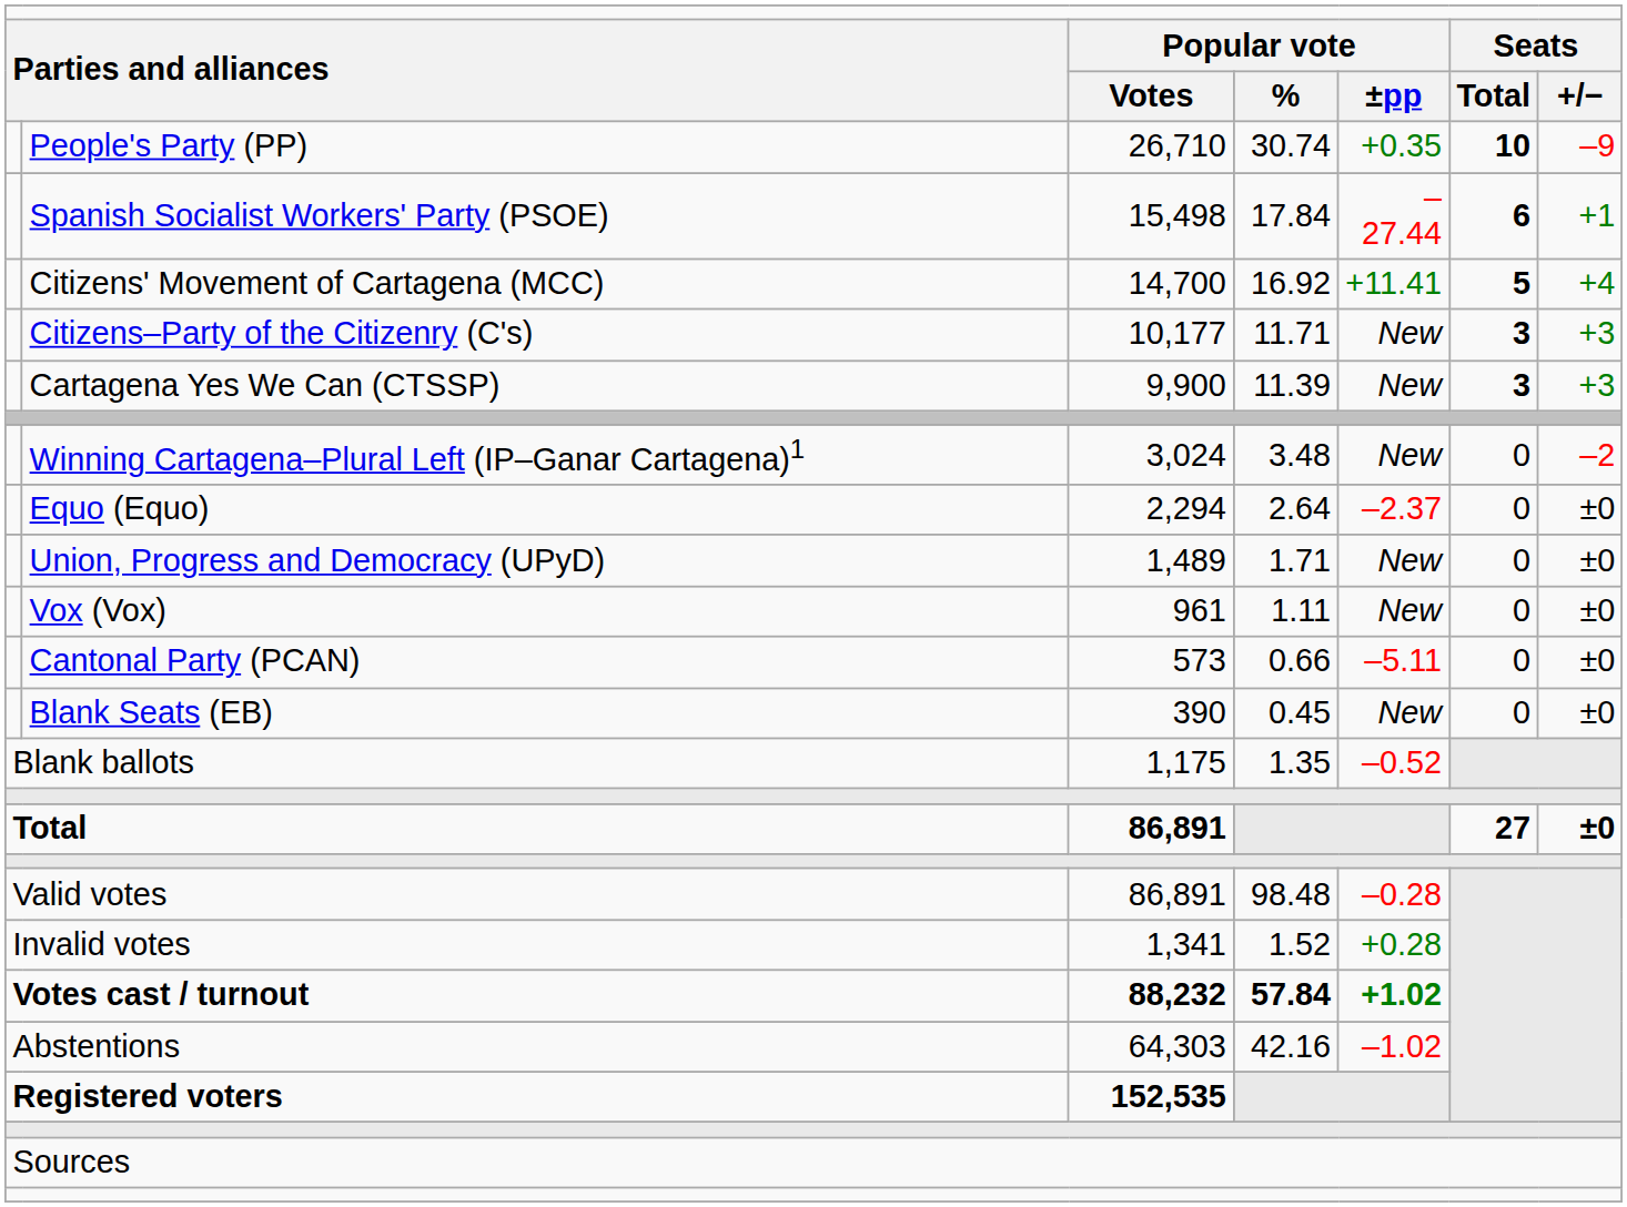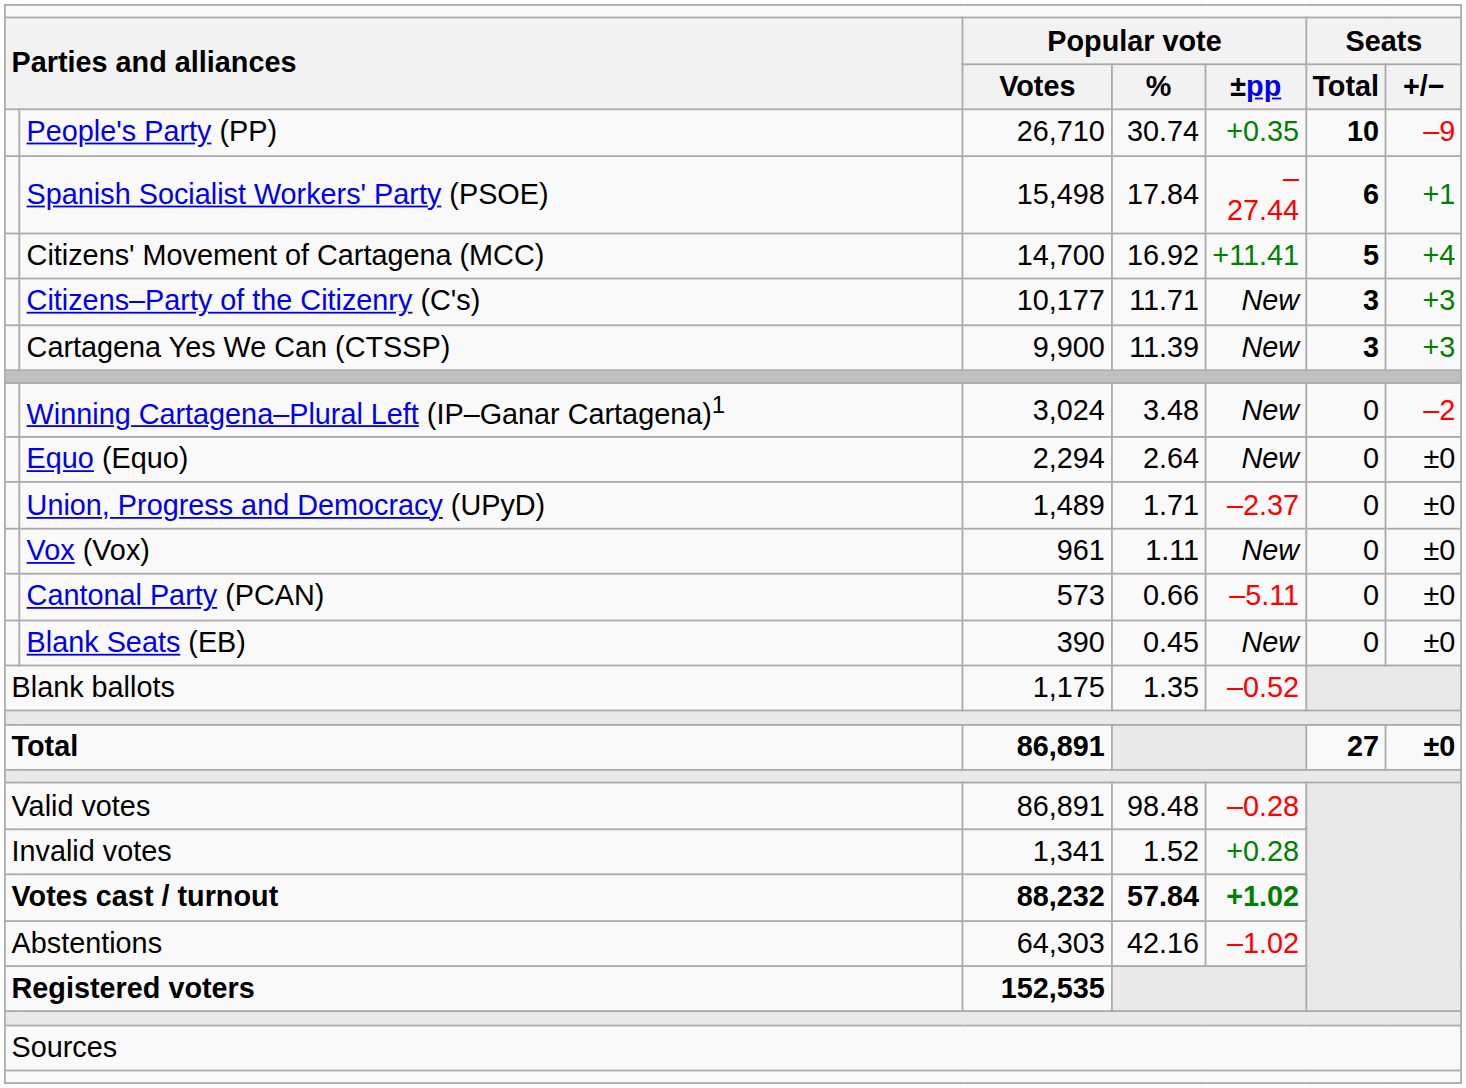 <table class="wikitable" style="text-align:right;">
 <tr>
 <td colspan="7"></td>
 </tr>
 <tr>
 <th style="text-align:left;" rowspan="2" colspan="2" width="525">Parties and alliances</th>
 <th colspan="3">Popular vote</th>
 <th colspan="2">Seats</th>
 </tr>
 <tr>
 <th width="75">Votes</th>
 <th width="45">%</th>
 <th width="45">±<a href='#'>pp</a></th>
 <th width="35">Total</th>
 <th width="35">+/−</th>
 </tr>
 <tr>
 <td width="1" style="color:inherit;background:"></td>
 <td align="left"><a href='#'>People's Party</a> (PP)</td>
 <td>26,710</td>
 <td>30.74</td>
 <td style="color:green;">+0.35</td>
 <td><strong>10</strong></td>
 <td style="color:red;">–9</td>
 </tr>
 <tr>
 <td style="color:inherit;background:"></td>
 <td align="left"><a href='#'>Spanish Socialist Workers' Party</a> (PSOE)</td>
 <td>15,498</td>
 <td>17.84</td>
 <td style="color:red;">–27.44</td>
 <td><strong>6</strong></td>
 <td style="color:green;">+1</td>
 </tr>
 <tr>
 <td style="color:inherit;background:"></td>
 <td align="left">Citizens' Movement of Cartagena (MCC)</td>
 <td>14,700</td>
 <td>16.92</td>
 <td style="color:green;">+11.41</td>
 <td><strong>5</strong></td>
 <td style="color:green;">+4</td>
 </tr>
 <tr>
 <td style="color:inherit;background:"></td>
 <td align="left"><a href='#'>Citizens–Party of the Citizenry</a> (C's)</td>
 <td>10,177</td>
 <td>11.71</td>
 <td><em>New</em></td>
 <td><strong>3</strong></td>
 <td style="color:green;">+3</td>
 </tr>
 <tr>
 <td style="color:inherit;background:"></td>
 <td align="left">Cartagena Yes We Can (CTSSP)</td>
 <td>9,900</td>
 <td>11.39</td>
 <td><em>New</em></td>
 <td><strong>3</strong></td>
 <td style="color:green;">+3</td>
 </tr>
 <tr>
 <td colspan="7" bgcolor="#C0C0C0"></td>
 </tr>
 <tr>
 <td style="color:inherit;background:"></td>
 <td align="left"><a href='#'>Winning Cartagena–Plural Left</a> (IP–Ganar Cartagena)<sup>1</sup></td>
 <td>3,024</td>
 <td>3.48</td>
 <td><em>New</em></td>
 <td>0</td>
 <td style="color:red;">–2</td>
 </tr>
 <tr>
 <td style="color:inherit;background:"></td>
 <td align="left"><a href='#'>Equo</a> (Equo)</td>
 <td>2,294</td>
 <td>2.64</td>
-<td style="color:red;">–2.37</td>
+<td><em>New</em></td>
 <td>0</td>
 <td>±0</td>
 </tr>
 <tr>
 <td style="color:inherit;background:"></td>
 <td align="left"><a href='#'>Union, Progress and Democracy</a> (UPyD)</td>
 <td>1,489</td>
 <td>1.71</td>
-<td><em>New</em></td>
+<td style="color:red;">–2.37</td>
 <td>0</td>
 <td>±0</td>
 </tr>
 <tr>
 <td style="color:inherit;background:"></td>
 <td align="left"><a href='#'>Vox</a> (Vox)</td>
 <td>961</td>
 <td>1.11</td>
 <td><em>New</em></td>
 <td>0</td>
 <td>±0</td>
 </tr>
 <tr>
 <td style="color:inherit;background:"></td>
 <td align="left"><a href='#'>Cantonal Party</a> (PCAN)</td>
 <td>573</td>
 <td>0.66</td>
 <td style="color:red;">–5.11</td>
 <td>0</td>
 <td>±0</td>
 </tr>
 <tr>
 <td style="color:inherit;background:"></td>
 <td align="left"><a href='#'>Blank Seats</a> (EB)</td>
 <td>390</td>
 <td>0.45</td>
 <td><em>New</em></td>
 <td>0</td>
 <td>±0</td>
 </tr>
 <tr>
 <td align="left" colspan="2">Blank ballots</td>
 <td>1,175</td>
 <td>1.35</td>
 <td style="color:red;">–0.52</td>
 <td bgcolor="#E9E9E9" colspan="2"></td>
 </tr>
 <tr>
 <td colspan="7" bgcolor="#E9E9E9"></td>
 </tr>
 <tr style="font-weight:bold;">
 <td align="left" colspan="2">Total</td>
 <td>86,891</td>
 <td bgcolor="#E9E9E9" colspan="2"></td>
 <td>27</td>
 <td>±0</td>
 </tr>
 <tr>
 <td colspan="7" bgcolor="#E9E9E9"></td>
 </tr>
 <tr>
 <td align="left" colspan="2">Valid votes</td>
 <td>86,891</td>
 <td>98.48</td>
 <td style="color:red;">–0.28</td>
 <td bgcolor="#E9E9E9" colspan="2" rowspan="5"></td>
 </tr>
 <tr>
 <td align="left" colspan="2">Invalid votes</td>
 <td>1,341</td>
 <td>1.52</td>
 <td style="color:green;">+0.28</td>
 </tr>
 <tr style="font-weight:bold;">
 <td align="left" colspan="2">Votes cast / turnout</td>
 <td>88,232</td>
 <td>57.84</td>
 <td style="color:green;">+1.02</td>
 </tr>
 <tr>
 <td align="left" colspan="2">Abstentions</td>
 <td>64,303</td>
 <td>42.16</td>
 <td style="color:red;">–1.02</td>
 </tr>
 <tr style="font-weight:bold;">
 <td align="left" colspan="2">Registered voters</td>
 <td>152,535</td>
 <td bgcolor="#E9E9E9" colspan="2"></td>
 </tr>
 <tr>
 <td colspan="7" bgcolor="#E9E9E9"></td>
 </tr>
 <tr>
 <td align="left" colspan="7">Sources</td>
 </tr>
 <tr>
 <td colspan="7" style="text-align:left; max-width:790px;"></td>
 </tr>
 </table>
